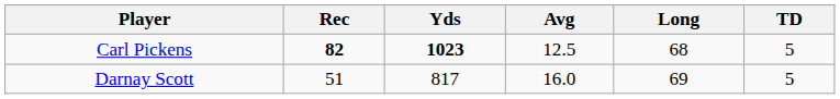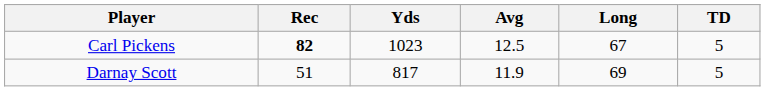 <table class="wikitable" width="80%" style="text-align:center">
 <tr>
 <th>Player</th>
 <th>Rec</th>
 <th>Yds</th>
 <th>Avg</th>
 <th>Long</th>
 <th>TD</th>
 </tr>
 <tr>
 <td><a href='#'>Carl Pickens</a></td>
 <td><strong>82</strong></td>
-<td><strong>1023</strong></td>
+<td>1023</td>
 <td>12.5</td>
-<td>68</td>
+<td>67</td>
 <td>5</td>
 </tr>
 <tr>
 <td><a href='#'>Darnay Scott</a></td>
 <td>51</td>
 <td>817</td>
-<td>16.0</td>
+<td>11.9</td>
 <td>69</td>
 <td>5</td>
 </tr>
 </table>
